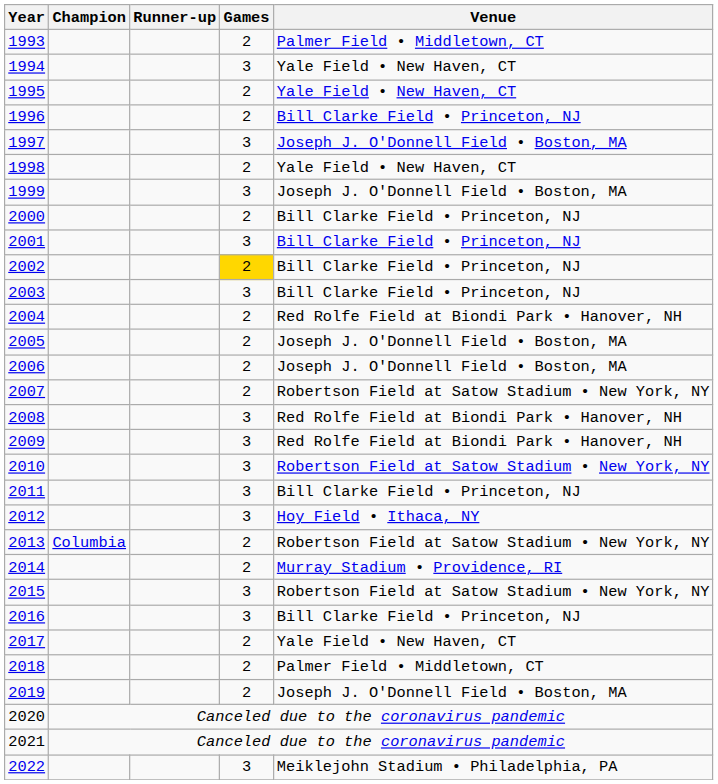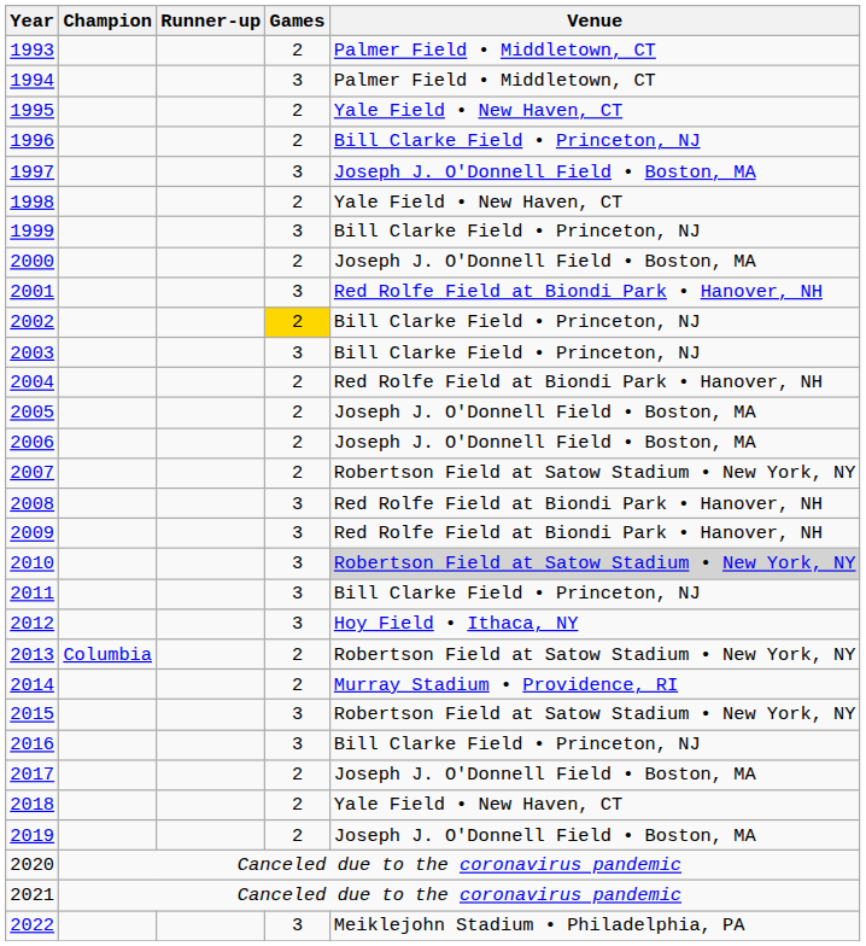 <table class="wikitable sortable">
 <tr>
 <th width=px>Year</th>
 <th width=px>Champion</th>
 <th width=px>Runner-up</th>
 <th width=px>Games</th>
 <th width=px>Venue</th>
 </tr>
 <tr>
 <td><a href='#'>1993</a></td>
 <td></td>
 <td></td>
 <td style="text-align:center;">2</td>
 <td><a href='#'>Palmer Field</a> • <a href='#'>Middletown, CT</a></td>
 </tr>
 <tr>
 <td><a href='#'>1994</a></td>
 <td></td>
 <td></td>
 <td style="text-align:center;">3</td>
-<td>Yale Field • New Haven, CT</td>
+<td>Palmer Field • Middletown, CT</td>
 </tr>
 <tr>
 <td><a href='#'>1995</a></td>
 <td></td>
 <td></td>
 <td style="text-align:center;">2</td>
 <td><a href='#'>Yale Field</a> • <a href='#'>New Haven, CT</a></td>
 </tr>
 <tr>
 <td><a href='#'>1996</a></td>
 <td></td>
 <td></td>
 <td style="text-align:center;">2</td>
 <td><a href='#'>Bill Clarke Field</a> • <a href='#'>Princeton, NJ</a></td>
 </tr>
 <tr>
 <td><a href='#'>1997</a></td>
 <td></td>
 <td></td>
 <td style="text-align:center;">3</td>
 <td><a href='#'>Joseph J. O'Donnell Field</a> • <a href='#'>Boston, MA</a></td>
 </tr>
 <tr>
 <td><a href='#'>1998</a></td>
 <td></td>
 <td></td>
 <td style="text-align:center;">2</td>
 <td>Yale Field • New Haven, CT</td>
 </tr>
 <tr>
 <td><a href='#'>1999</a></td>
 <td></td>
 <td></td>
 <td style="text-align:center;">3</td>
-<td>Joseph J. O'Donnell Field • Boston, MA</td>
+<td>Bill Clarke Field • Princeton, NJ</td>
 </tr>
 <tr>
 <td><a href='#'>2000</a></td>
 <td></td>
 <td></td>
 <td style="text-align:center;">2</td>
-<td>Bill Clarke Field • Princeton, NJ</td>
+<td>Joseph J. O'Donnell Field • Boston, MA</td>
 </tr>
 <tr>
 <td><a href='#'>2001</a></td>
 <td></td>
 <td></td>
 <td style="text-align:center;">3</td>
-<td><a href='#'>Bill Clarke Field</a> • <a href='#'>Princeton, NJ</a></td>
+<td><a href='#'>Red Rolfe Field at Biondi Park</a> • <a href='#'>Hanover, NH</a></td>
 </tr>
 <tr>
 <td><a href='#'>2002</a></td>
 <td></td>
 <td></td>
 <td style="background: gold; text-align:center;">2</td>
 <td>Bill Clarke Field • Princeton, NJ</td>
 </tr>
 <tr>
 <td><a href='#'>2003</a></td>
 <td></td>
 <td></td>
 <td style="text-align:center;">3</td>
 <td>Bill Clarke Field • Princeton, NJ</td>
 </tr>
 <tr>
 <td><a href='#'>2004</a></td>
 <td></td>
 <td></td>
 <td style="text-align:center;">2</td>
 <td>Red Rolfe Field at Biondi Park • Hanover, NH</td>
 </tr>
 <tr>
 <td><a href='#'>2005</a></td>
 <td></td>
 <td></td>
 <td style="text-align:center;">2</td>
 <td>Joseph J. O'Donnell Field • Boston, MA</td>
 </tr>
 <tr>
 <td><a href='#'>2006</a></td>
 <td></td>
 <td></td>
 <td style="text-align:center;">2</td>
 <td>Joseph J. O'Donnell Field • Boston, MA</td>
 </tr>
 <tr>
 <td><a href='#'>2007</a></td>
 <td></td>
 <td></td>
 <td style="text-align:center;">2</td>
 <td>Robertson Field at Satow Stadium • New York, NY</td>
 </tr>
 <tr>
 <td><a href='#'>2008</a></td>
 <td></td>
 <td></td>
 <td style="text-align:center;">3</td>
 <td>Red Rolfe Field at Biondi Park • Hanover, NH</td>
 </tr>
 <tr>
 <td><a href='#'>2009</a></td>
 <td></td>
 <td></td>
 <td style="text-align:center;">3</td>
 <td>Red Rolfe Field at Biondi Park • Hanover, NH</td>
 </tr>
 <tr>
 <td><a href='#'>2010</a></td>
 <td></td>
 <td></td>
 <td style="text-align:center;">3</td>
-<td><a href='#'>Robertson Field at Satow Stadium</a> • <a href='#'>New York, NY</a></td>
+<td style="background: lightgrey;"><a href='#'>Robertson Field at Satow Stadium</a> • <a href='#'>New York, NY</a></td>
 </tr>
 <tr>
 <td><a href='#'>2011</a></td>
 <td></td>
 <td></td>
 <td style="text-align:center;">3</td>
 <td>Bill Clarke Field • Princeton, NJ</td>
 </tr>
 <tr>
 <td><a href='#'>2012</a></td>
 <td></td>
 <td></td>
 <td style="text-align:center;">3</td>
 <td><a href='#'>Hoy Field</a> • <a href='#'>Ithaca, NY</a></td>
 </tr>
 <tr>
 <td><a href='#'>2013</a></td>
 <td><a href='#'>Columbia</a></td>
 <td></td>
 <td style="text-align:center;">2</td>
 <td>Robertson Field at Satow Stadium • New York, NY</td>
 </tr>
 <tr>
 <td><a href='#'>2014</a></td>
 <td></td>
 <td></td>
 <td style="text-align:center;">2</td>
 <td><a href='#'>Murray Stadium</a> • <a href='#'>Providence, RI</a></td>
 </tr>
 <tr>
 <td><a href='#'>2015</a></td>
 <td></td>
 <td></td>
 <td style="text-align:center;">3</td>
 <td>Robertson Field at Satow Stadium • New York, NY</td>
 </tr>
 <tr>
 <td><a href='#'>2016</a></td>
 <td></td>
 <td></td>
 <td style="text-align:center;">3</td>
 <td>Bill Clarke Field • Princeton, NJ</td>
 </tr>
 <tr>
 <td><a href='#'>2017</a></td>
 <td></td>
 <td></td>
 <td style="text-align:center;">2</td>
-<td>Yale Field • New Haven, CT</td>
+<td>Joseph J. O'Donnell Field • Boston, MA</td>
 </tr>
 <tr>
 <td><a href='#'>2018</a></td>
 <td></td>
 <td></td>
 <td style="text-align:center;">2</td>
-<td>Palmer Field • Middletown, CT</td>
+<td>Yale Field • New Haven, CT</td>
 </tr>
 <tr>
 <td><a href='#'>2019</a></td>
 <td></td>
 <td></td>
 <td style="text-align:center;">2</td>
 <td>Joseph J. O'Donnell Field • Boston, MA</td>
 </tr>
 <tr>
 <td>2020</td>
 <td colspan=4 align=center><em>Canceled due to the <a href='#'>coronavirus pandemic</a></em></td>
 </tr>
 <tr>
 <td>2021</td>
 <td colspan=4 align=center><em>Canceled due to the <a href='#'>coronavirus pandemic</a></em> </td>
 </tr>
 <tr>
 <td><a href='#'>2022</a></td>
 <td></td>
 <td></td>
 <td style="text-align:center;">3</td>
 <td>Meiklejohn Stadium • Philadelphia, PA</td>
 </tr>
 </table>
